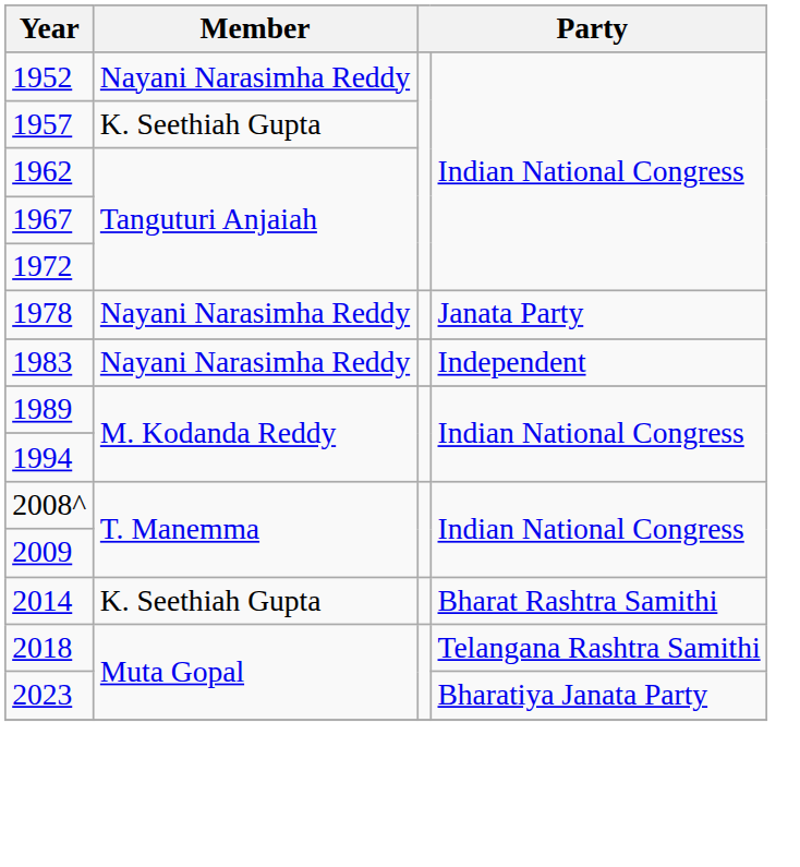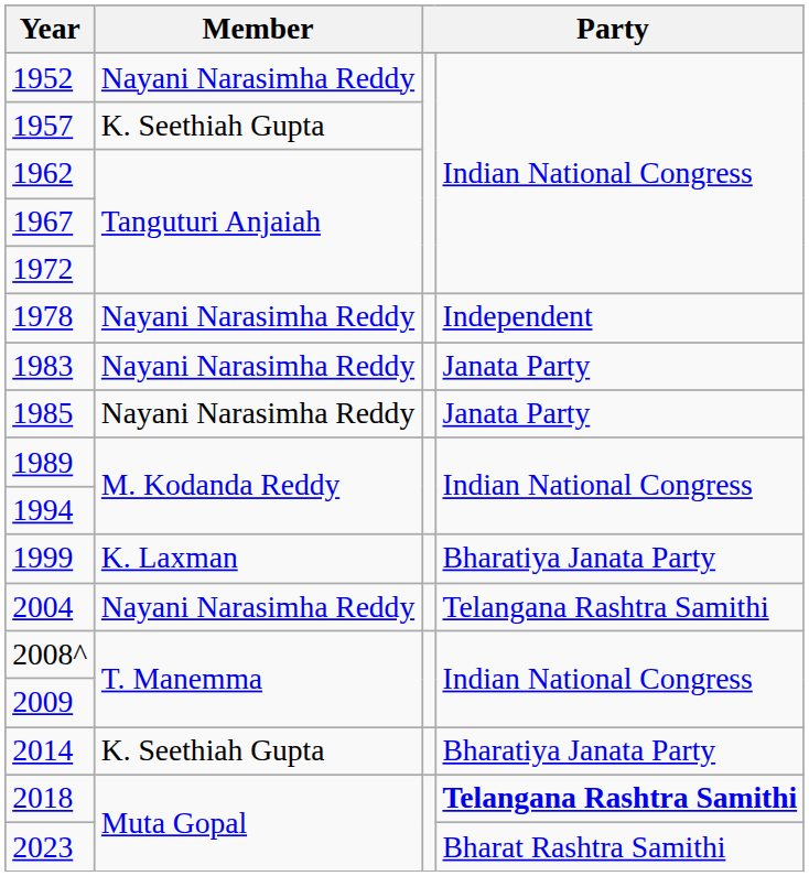 <table class="wikitable">
 <tr>
 <th>Year</th>
 <th>Member</th>
 <th colspan="2">Party</th>
 </tr>
 <tr>
 <td><a href='#'>1952</a></td>
 <td><a href='#'>Nayani Narasimha Reddy</a></td>
 <td rowspan="5" style="background-color: "></td>
 <td rowspan="5"><a href='#'>Indian National Congress</a></td>
 </tr>
 <tr>
 <td><a href='#'>1957</a></td>
 <td>K. Seethiah Gupta</td>
 </tr>
 <tr>
 <td><a href='#'>1962</a></td>
 <td rowspan="3"><a href='#'>Tanguturi Anjaiah</a></td>
 </tr>
 <tr>
 <td><a href='#'>1967</a></td>
 </tr>
 <tr>
 <td><a href='#'>1972</a></td>
 </tr>
 <tr>
 <td><a href='#'>1978</a></td>
 <td><a href='#'>Nayani Narasimha Reddy</a></td>
 <td style="background-color: "></td>
-<td><a href='#'>Janata Party</a></td>
+<td><a href='#'>Independent</a></td>
 </tr>
 <tr>
 <td><a href='#'>1983</a></td>
 <td><a href='#'>Nayani Narasimha Reddy</a></td>
 <td style="background-color: "></td>
-<td><a href='#'>Independent</a></td>
+<td><a href='#'>Janata Party</a></td>
+</tr>
+<tr>
+<td><a href='#'>1985</a></td>
+<td>Nayani Narasimha Reddy</td>
+<td style="background-color: "></td>
+<td><a href='#'>Janata Party</a></td>
 </tr>
 <tr>
 <td><a href='#'>1989</a></td>
 <td rowspan="2"><a href='#'>M. Kodanda Reddy</a></td>
 <td rowspan="2" style="background-color: "></td>
 <td rowspan="2"><a href='#'>Indian National Congress</a></td>
 </tr>
 <tr>
 <td><a href='#'>1994</a></td>
+</tr>
+<tr>
+<td><a href='#'>1999</a></td>
+<td><a href='#'>K. Laxman</a></td>
+<td style="background-color: "></td>
+<td><a href='#'>Bharatiya Janata Party</a></td>
+</tr>
+<tr>
+<td><a href='#'>2004</a></td>
+<td><a href='#'>Nayani Narasimha Reddy</a></td>
+<td style="background-color: "></td>
+<td><a href='#'>Telangana Rashtra Samithi</a></td>
 </tr>
 <tr>
 <td>2008^</td>
 <td rowspan="2"><a href='#'>T. Manemma</a></td>
 <td rowspan="2" style="background-color: "></td>
 <td rowspan="2"><a href='#'>Indian National Congress</a></td>
 </tr>
 <tr>
 <td><a href='#'>2009</a></td>
 </tr>
 <tr>
 <td><a href='#'>2014</a></td>
 <td>K. Seethiah Gupta</td>
 <td style="background-color: "></td>
-<td><a href='#'>Bharat Rashtra Samithi</a></td>
+<td><a href='#'>Bharatiya Janata Party</a></td>
 </tr>
 <tr>
 <td><a href='#'>2018</a></td>
 <td rowspan="2"><a href='#'>Muta Gopal</a></td>
 <td rowspan="2" style="background-color: "></td>
-<td><a href='#'>Telangana Rashtra Samithi</a></td>
+<td><strong><a href='#'>Telangana Rashtra Samithi</a></strong></td>
 </tr>
 <tr>
 <td><a href='#'>2023</a></td>
-<td><a href='#'>Bharatiya Janata Party</a></td>
+<td><a href='#'>Bharat Rashtra Samithi</a></td>
 </tr>
 <tr>
 </tr>
 </table>
